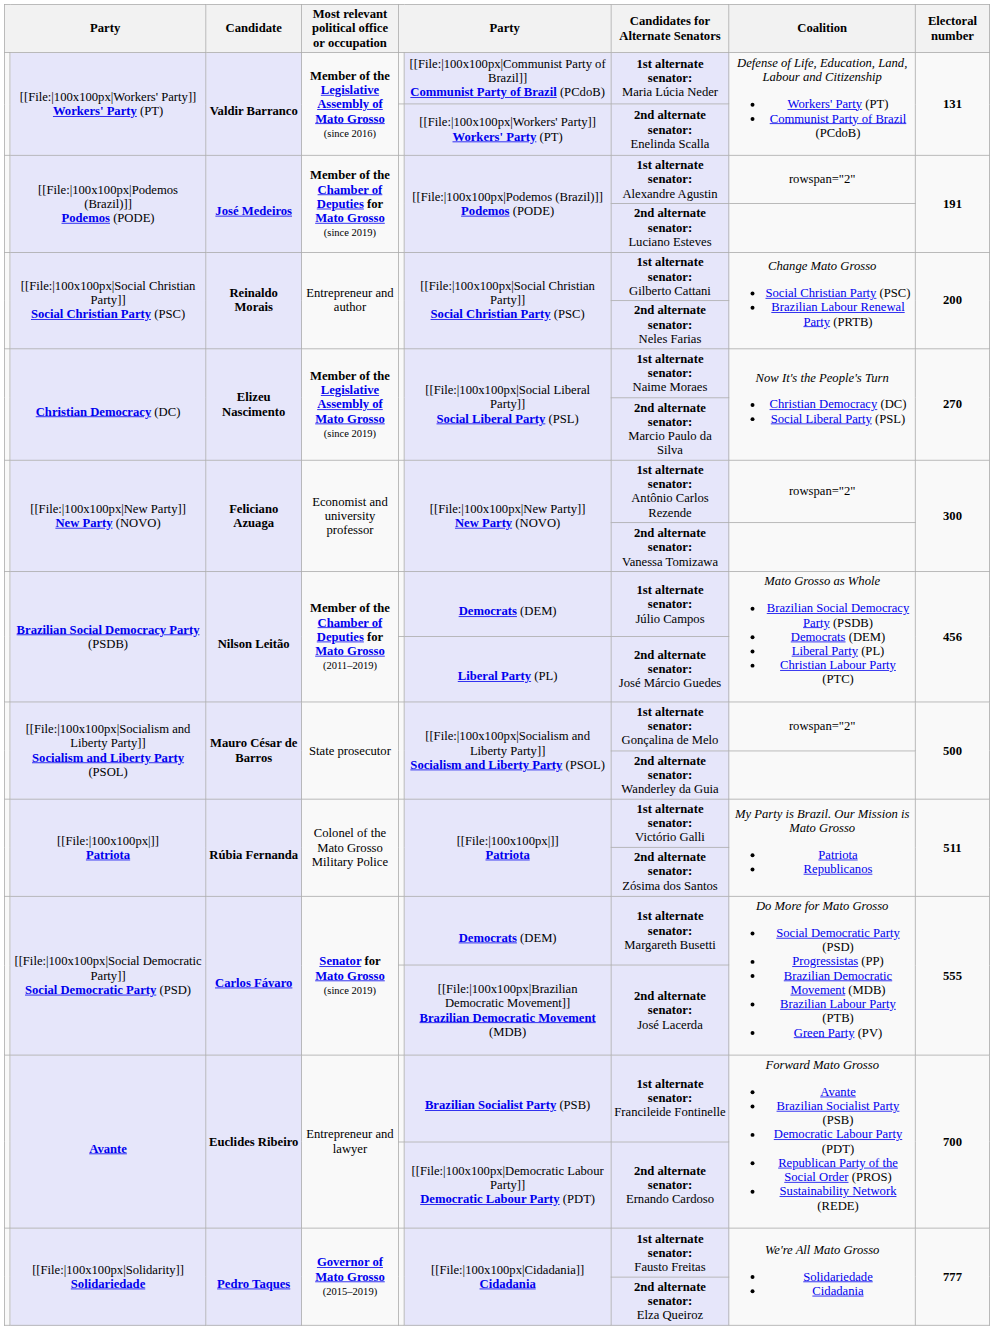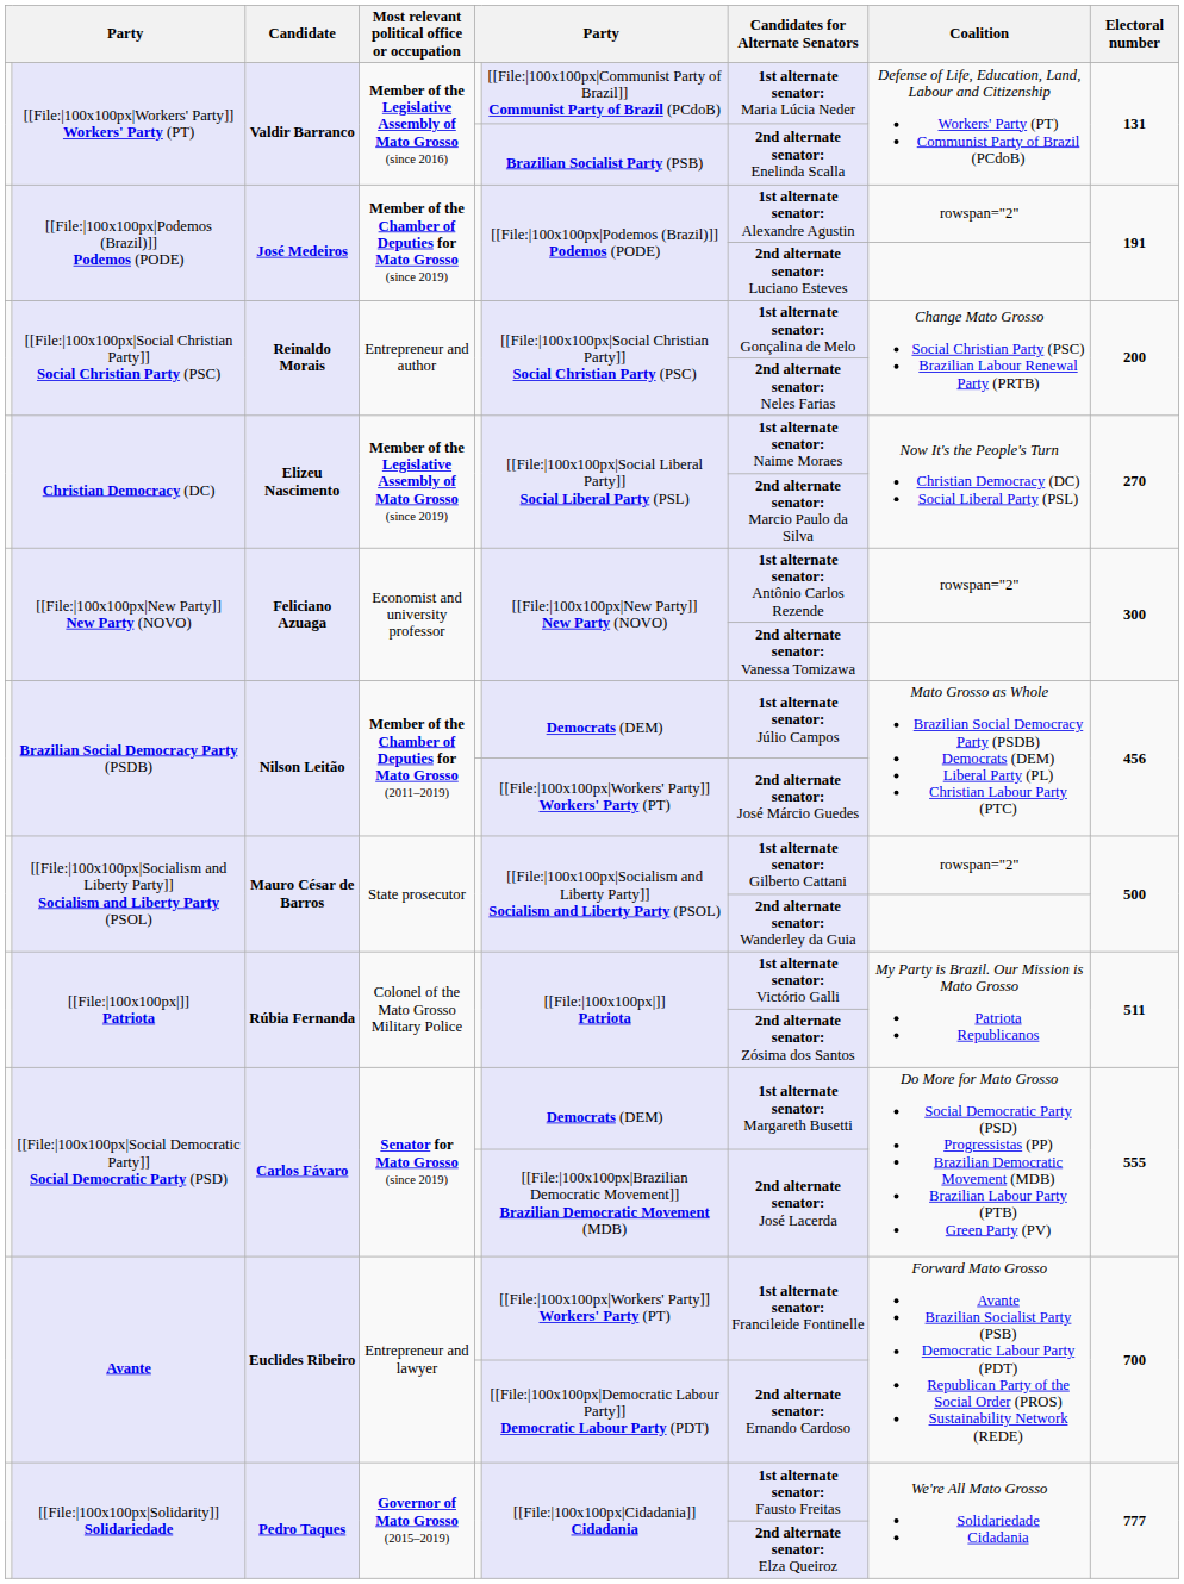 <table class="wikitable" style="text-align:center">
 <tr>
 <th colspan="2">Party</th>
 <th>Candidate</th>
 <th style="max-width:10em">Most relevant political office or occupation</th>
 <th colspan="2">Party</th>
 <th>Candidates for Alternate Senators</th>
 <th>Coalition</th>
 <th>Electoral number</th>
 </tr>
 <tr>
 <td rowspan="2" style="background:"></td>
 <td rowspan="2" style="background:lavender;" max-width:150px>[[File:|100x100px|Workers' Party]]<br><strong><a href='#'>Workers' Party</a></strong> (PT)</td>
 <td rowspan="2" style="background:lavender;" max-width:150px><br><strong>Valdir Barranco</strong></td>
 <td rowspan="2" style="max-width:10em"><strong>Member of the <a href='#'>Legislative Assembly of Mato Grosso</a></strong><br><small>(since 2016)</small></td>
 <td style="background:"></td>
 <td style="background:lavender;" max-width:150px>[[File:|100x100px|Communist Party of Brazil]]<br><strong><a href='#'>Communist Party of Brazil</a></strong> (PCdoB)</td>
 <td style="background:lavender;"><strong>1st alternate senator:</strong><br>Maria Lúcia Neder</td>
 <td rowspan="2"><em>Defense of Life, Education, Land, Labour and Citizenship</em><br><ul><li><a href='#'>Workers' Party</a> (PT)</li><li><a href='#'>Communist Party of Brazil</a> (PCdoB)</li></ul></td>
 <td rowspan="2"><strong>131</strong></td>
 </tr>
 <tr>
 <td style="background:"></td>
-<td style="background:lavender;" max-width:150px>[[File:|100x100px|Workers' Party]]<br><strong><a href='#'>Workers' Party</a></strong> (PT)</td>
+<td style="background:lavender;" max-width:150px><br><strong><a href='#'>Brazilian Socialist Party</a></strong> (PSB)</td>
 <td style="background:lavender;"><strong>2nd alternate senator:</strong><br>Enelinda Scalla</td>
 </tr>
 <tr>
 <td rowspan="2" style="background:"></td>
 <td rowspan="2" style="background:lavender;" max-width:150px>[[File:|100x100px|Podemos (Brazil)]]<br><strong><a href='#'>Podemos</a></strong> (PODE)</td>
 <td rowspan="2" style="background:lavender;" max-width:150px><br><strong><a href='#'>José Medeiros</a></strong></td>
 <td rowspan="2" style="max-width:10em"><strong>Member of the <a href='#'>Chamber of Deputies</a> for <a href='#'>Mato Grosso</a></strong><br><small>(since 2019)</small></td>
 <td rowspan="2" style="background:"></td>
 <td rowspan="2" style="background:lavender;" max-width:150px>[[File:|100x100px|Podemos (Brazil)]]<br><strong><a href='#'>Podemos</a></strong> (PODE)</td>
 <td style="background:lavender;"><strong>1st alternate senator:</strong><br>Alexandre Agustin</td>
 <td>rowspan="2" </td>
 <td rowspan="2"><strong>191</strong></td>
 </tr>
 <tr>
 <td style="background:lavender;"><strong>2nd alternate senator:</strong><br>Luciano Esteves</td>
 </tr>
 <tr>
 <td rowspan="2" style="background:"></td>
 <td rowspan="2" style="background:lavender;" max-width:150px>[[File:|100x100px|Social Christian Party]]<br><strong><a href='#'>Social Christian Party</a></strong> (PSC)</td>
 <td rowspan="2" style="background:lavender;" max-width:150px><strong>Reinaldo Morais</strong></td>
 <td rowspan="2" style="max-width:10em">Entrepreneur and author</td>
 <td rowspan="2" style="background:"></td>
 <td rowspan="2" style="background:lavender;" max-width:150px>[[File:|100x100px|Social Christian Party]]<br><strong><a href='#'>Social Christian Party</a></strong> (PSC)</td>
-<td style="background:lavender;"><strong>1st alternate senator:</strong><br>Gilberto Cattani</td>
+<td style="background:lavender;"><strong>1st alternate senator:</strong><br>Gonçalina de Melo</td>
 <td rowspan="2"><em>Change Mato Grosso</em><br><ul><li><a href='#'>Social Christian Party</a> (PSC)</li><li><a href='#'>Brazilian Labour Renewal Party</a> (PRTB)</li></ul></td>
 <td rowspan="2"><strong>200</strong></td>
 </tr>
 <tr>
 <td style="background:lavender;"><strong>2nd alternate senator:</strong><br>Neles Farias</td>
 </tr>
 <tr>
 <td rowspan="2" style="background:"></td>
 <td rowspan="2" style="background:lavender;" max-width:150px><br><strong><a href='#'>Christian Democracy</a></strong> (DC)</td>
 <td rowspan="2" style="background:lavender;" max-width:150px><strong>Elizeu Nascimento</strong></td>
 <td rowspan="2" style="max-width:10em"><strong>Member of the <a href='#'>Legislative Assembly of Mato Grosso</a></strong><br><small>(since 2019)</small></td>
 <td rowspan="2" style="background:"></td>
 <td rowspan="2" style="background:lavender;" max-width:150px>[[File:|100x100px|Social Liberal Party]]<br><strong><a href='#'>Social Liberal Party</a></strong> (PSL)</td>
 <td style="background:lavender;"><strong>1st alternate senator:</strong><br>Naime Moraes</td>
 <td rowspan="2"><em>Now It's the People's Turn</em><br><ul><li><a href='#'>Christian Democracy</a> (DC)</li><li><a href='#'>Social Liberal Party</a> (PSL)</li></ul></td>
 <td rowspan="2"><strong>270</strong></td>
 </tr>
 <tr>
 <td style="background:lavender;"><strong>2nd alternate senator:</strong><br>Marcio Paulo da Silva</td>
 </tr>
 <tr>
 <td rowspan="2" style="background:"></td>
 <td rowspan="2" style="background:lavender;" max-width:150px>[[File:|100x100px|New Party]]<br><strong><a href='#'>New Party</a></strong> (NOVO)</td>
 <td rowspan="2" style="background:lavender;" max-width:150px><strong>Feliciano Azuaga</strong></td>
 <td rowspan="2" style="max-width:10em">Economist and university professor</td>
 <td rowspan="2" style="background:"></td>
 <td rowspan="2" style="background:lavender;" max-width:150px>[[File:|100x100px|New Party]]<br><strong><a href='#'>New Party</a></strong> (NOVO)</td>
 <td style="background:lavender;"><strong>1st alternate senator:</strong><br>Antônio Carlos Rezende</td>
 <td>rowspan="2" </td>
 <td rowspan="2"><strong>300</strong></td>
 </tr>
 <tr>
 <td style="background:lavender;"><strong>2nd alternate senator:</strong><br>Vanessa Tomizawa</td>
 </tr>
 <tr>
 <td rowspan="2" style="background:"></td>
 <td rowspan="2" style="background:lavender;" max-width:150px><strong><a href='#'>Brazilian Social Democracy Party</a></strong> (PSDB)</td>
 <td rowspan="2" style="background:lavender;" max-width:150px><br><strong>Nilson Leitão</strong></td>
 <td rowspan="2" style="max-width:10em"><strong>Member of the <a href='#'>Chamber of Deputies</a> for <a href='#'>Mato Grosso</a></strong><br><small>(2011–2019)</small></td>
 <td style="background:"></td>
 <td style="background:lavender;" max-width:150px><br><strong><a href='#'>Democrats</a></strong> (DEM)</td>
 <td style="background:lavender;"><strong>1st alternate senator:</strong><br>Júlio Campos</td>
 <td rowspan="2"><em>Mato Grosso as Whole</em><br><ul><li><a href='#'>Brazilian Social Democracy Party</a> (PSDB)</li><li><a href='#'>Democrats</a> (DEM)</li><li><a href='#'>Liberal Party</a> (PL)</li><li><a href='#'>Christian Labour Party</a> (PTC)</li></ul></td>
 <td rowspan="2"><strong>456</strong></td>
 </tr>
 <tr>
 <td style="background:"></td>
-<td style="background:lavender;" max-width:150px><br><strong><a href='#'>Liberal Party</a></strong> (PL)</td>
+<td style="background:lavender;" max-width:150px>[[File:|100x100px|Workers' Party]]<br><strong><a href='#'>Workers' Party</a></strong> (PT)</td>
 <td style="background:lavender;"><strong>2nd alternate senator:</strong><br>José Márcio Guedes</td>
 </tr>
 <tr>
 <td rowspan="2" style="background:"></td>
 <td rowspan="2" style="background:lavender;" max-width:150px>[[File:|100x100px|Socialism and Liberty Party]]<br><strong><a href='#'>Socialism and Liberty Party</a></strong> (PSOL)</td>
 <td rowspan="2" style="background:lavender;" max-width:150px><strong>Mauro César de Barros</strong></td>
 <td rowspan="2" style="max-width:10em">State prosecutor</td>
 <td rowspan="2" style="background:"></td>
 <td rowspan="2" style="background:lavender;" max-width:150px>[[File:|100x100px|Socialism and Liberty Party]]<br><strong><a href='#'>Socialism and Liberty Party</a></strong> (PSOL)</td>
-<td style="background:lavender;"><strong>1st alternate senator:</strong><br>Gonçalina de Melo</td>
+<td style="background:lavender;"><strong>1st alternate senator:</strong><br>Gilberto Cattani</td>
 <td>rowspan="2" </td>
 <td rowspan="2"><strong>500</strong></td>
 </tr>
 <tr>
 <td style="background:lavender;"><strong>2nd alternate senator:</strong><br>Wanderley da Guia</td>
 </tr>
 <tr>
 <td rowspan="2" style="background:"></td>
 <td rowspan="2" style="background:lavender;" max-width:150px>[[File:|100x100px|]]<br><strong><a href='#'>Patriota</a></strong></td>
 <td rowspan="2" style="background:lavender;" max-width:150px><br><strong>Rúbia Fernanda</strong></td>
 <td rowspan="2" style="max-width:10em">Colonel of the Mato Grosso Military Police</td>
 <td rowspan="2" style="background:"></td>
 <td rowspan="2" style="background:lavender;" max-width:150px>[[File:|100x100px|]]<br><strong><a href='#'>Patriota</a></strong></td>
 <td style="background:lavender;"><strong>1st alternate senator:</strong><br>Victório Galli</td>
 <td rowspan="2"><em>My Party is Brazil. Our Mission is Mato Grosso</em><br><ul><li><a href='#'>Patriota</a></li><li><a href='#'>Republicanos</a></li></ul></td>
 <td rowspan="2"><strong>511</strong></td>
 </tr>
 <tr>
 <td style="background:lavender;"><strong>2nd alternate senator:</strong><br>Zósima dos Santos</td>
 </tr>
 <tr>
 <td rowspan="2" style="background:"></td>
 <td rowspan="2" style="background:lavender;" max-width:150px>[[File:|100x100px|Social Democratic Party]]<br><strong><a href='#'>Social Democratic Party</a></strong> (PSD)</td>
 <td rowspan="2" style="background:lavender;" max-width:150px><br><strong><a href='#'>Carlos Fávaro</a></strong></td>
 <td rowspan="2" style="max-width:10em"><strong><a href='#'>Senator</a> for <a href='#'>Mato Grosso</a></strong><br><small>(since 2019)</small></td>
 <td style="background:"></td>
 <td style="background:lavender;" max-width:150px><br><strong><a href='#'>Democrats</a></strong> (DEM)</td>
 <td style="background:lavender;"><strong>1st alternate senator:</strong><br>Margareth Busetti</td>
 <td rowspan="2"><em>Do More for Mato Grosso</em><br><ul><li><a href='#'>Social Democratic Party</a> (PSD)</li><li><a href='#'>Progressistas</a> (PP)</li><li><a href='#'>Brazilian Democratic Movement</a> (MDB)</li><li><a href='#'>Brazilian Labour Party</a> (PTB)</li><li><a href='#'>Green Party</a> (PV)</li></ul></td>
 <td rowspan="2"><strong>555</strong></td>
 </tr>
 <tr>
 <td style="background:"></td>
 <td style="background:lavender;" max-width:150px>[[File:|100x100px|Brazilian Democratic Movement]]<br><strong><a href='#'>Brazilian Democratic Movement</a></strong> (MDB)</td>
 <td style="background:lavender;"><strong>2nd alternate senator:</strong><br>José Lacerda</td>
 </tr>
 <tr>
 <td rowspan="2" style="background:"></td>
 <td rowspan="2" style="background:lavender;" max-width:150px><br><strong><a href='#'>Avante</a></strong></td>
 <td rowspan="2" style="background:lavender;" max-width:150px><strong>Euclides Ribeiro</strong></td>
 <td rowspan="2" style="max-width:10em">Entrepreneur and lawyer</td>
 <td style="background:"></td>
-<td style="background:lavender;" max-width:150px><br><strong><a href='#'>Brazilian Socialist Party</a></strong> (PSB)</td>
+<td style="background:lavender;" max-width:150px>[[File:|100x100px|Workers' Party]]<br><strong><a href='#'>Workers' Party</a></strong> (PT)</td>
 <td style="background:lavender;"><strong>1st alternate senator:</strong><br>Francileide Fontinelle</td>
 <td rowspan="2"><em>Forward Mato Grosso</em><br><ul><li><a href='#'>Avante</a></li><li><a href='#'>Brazilian Socialist Party</a> (PSB)</li><li><a href='#'>Democratic Labour Party</a> (PDT)</li><li><a href='#'>Republican Party of the Social Order</a> (PROS)</li><li><a href='#'>Sustainability Network</a> (REDE)</li></ul></td>
 <td rowspan="2"><strong>700</strong></td>
 </tr>
 <tr>
 <td style="background:"></td>
 <td style="background:lavender;" max-width:150px>[[File:|100x100px|Democratic Labour Party]]<br><strong><a href='#'>Democratic Labour Party</a></strong> (PDT)</td>
 <td style="background:lavender;"><strong>2nd alternate senator:</strong><br>Ernando Cardoso</td>
 </tr>
 <tr>
 <td rowspan="2" style="background:"></td>
 <td rowspan="2" style="background:lavender;" max-width:150px>[[File:|100x100px|Solidarity]]<br><strong><a href='#'>Solidariedade</a></strong></td>
 <td rowspan="2" style="background:lavender;" max-width:150px><br><strong><a href='#'>Pedro Taques</a></strong></td>
 <td rowspan="2" style="max-width:10em"><strong><a href='#'>Governor of Mato Grosso</a></strong><br><small>(2015–2019)</small></td>
 <td rowspan="2" style="background:"></td>
 <td rowspan="2" style="background:lavender;" max-width:150px>[[File:|100x100px|Cidadania]]<br><strong><a href='#'>Cidadania</a></strong></td>
 <td style="background:lavender;"><strong>1st alternate senator:</strong><br>Fausto Freitas</td>
 <td rowspan="2"><em>We're All Mato Grosso</em><br><ul><li><a href='#'>Solidariedade</a></li><li><a href='#'>Cidadania</a></li></ul></td>
 <td rowspan="2"><strong>777</strong></td>
 </tr>
 <tr>
 <td style="background:lavender;"><strong>2nd alternate senator:</strong><br>Elza Queiroz</td>
 </tr>
 </table>
